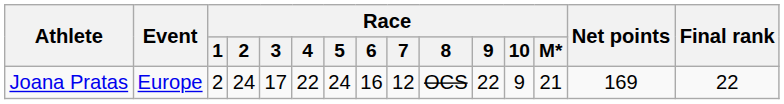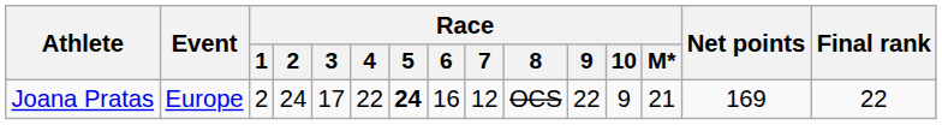 <table class="wikitable" style="font-size:90%">
 <tr>
 <th rowspan=2>Athlete</th>
 <th rowspan=2>Event</th>
 <th colspan=11>Race</th>
 <th rowspan=2>Net points</th>
 <th rowspan=2>Final rank</th>
 </tr>
 <tr style="font-size:95%">
 <th>1</th>
 <th>2</th>
 <th>3</th>
 <th>4</th>
 <th>5</th>
 <th>6</th>
 <th>7</th>
 <th>8</th>
 <th>9</th>
 <th>10</th>
 <th>M*</th>
 </tr>
 <tr align=center>
 <td align=left><a href='#'>Joana Pratas</a></td>
 <td align=left><a href='#'>Europe</a></td>
 <td>2</td>
 <td>24</td>
 <td>17</td>
 <td>22</td>
-<td>24</td>
+<td><strong>24</strong></td>
 <td>16</td>
 <td>12</td>
 <td><s>OCS</s></td>
 <td>22</td>
 <td>9</td>
 <td>21</td>
 <td>169</td>
 <td>22</td>
 </tr>
 </table>
